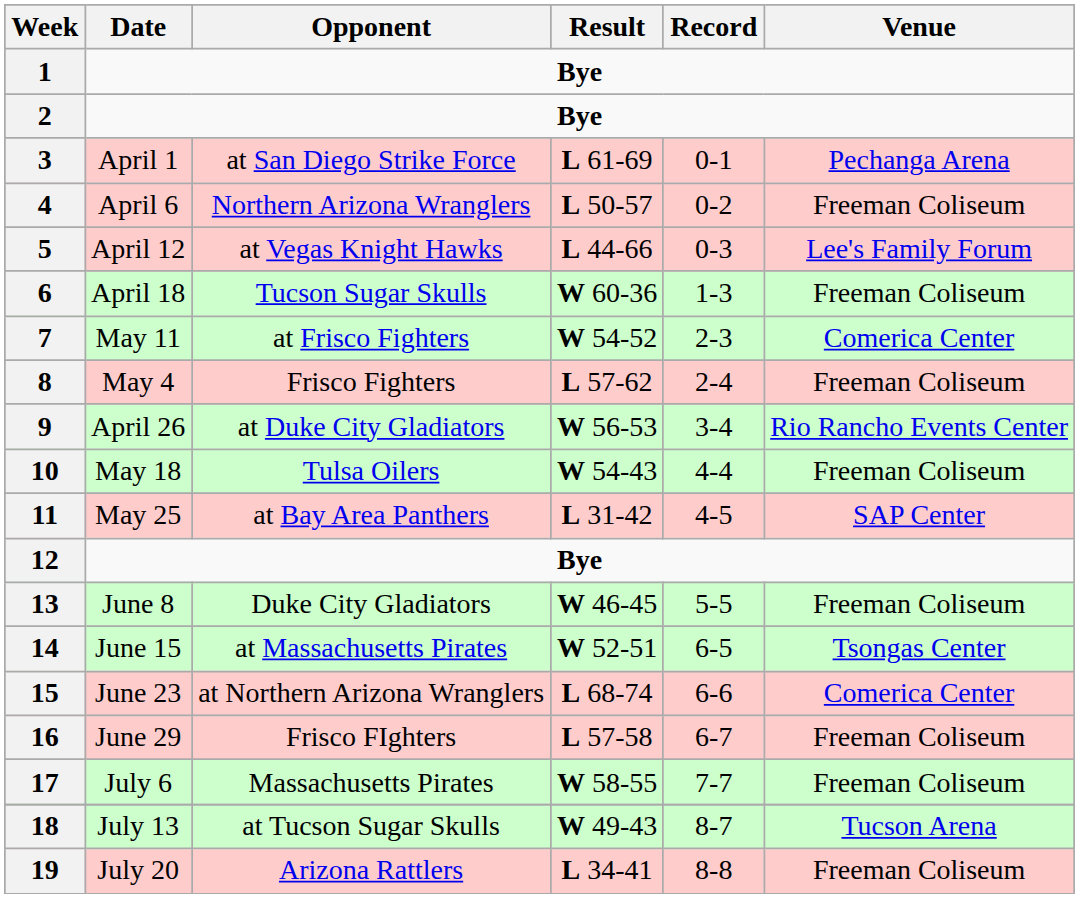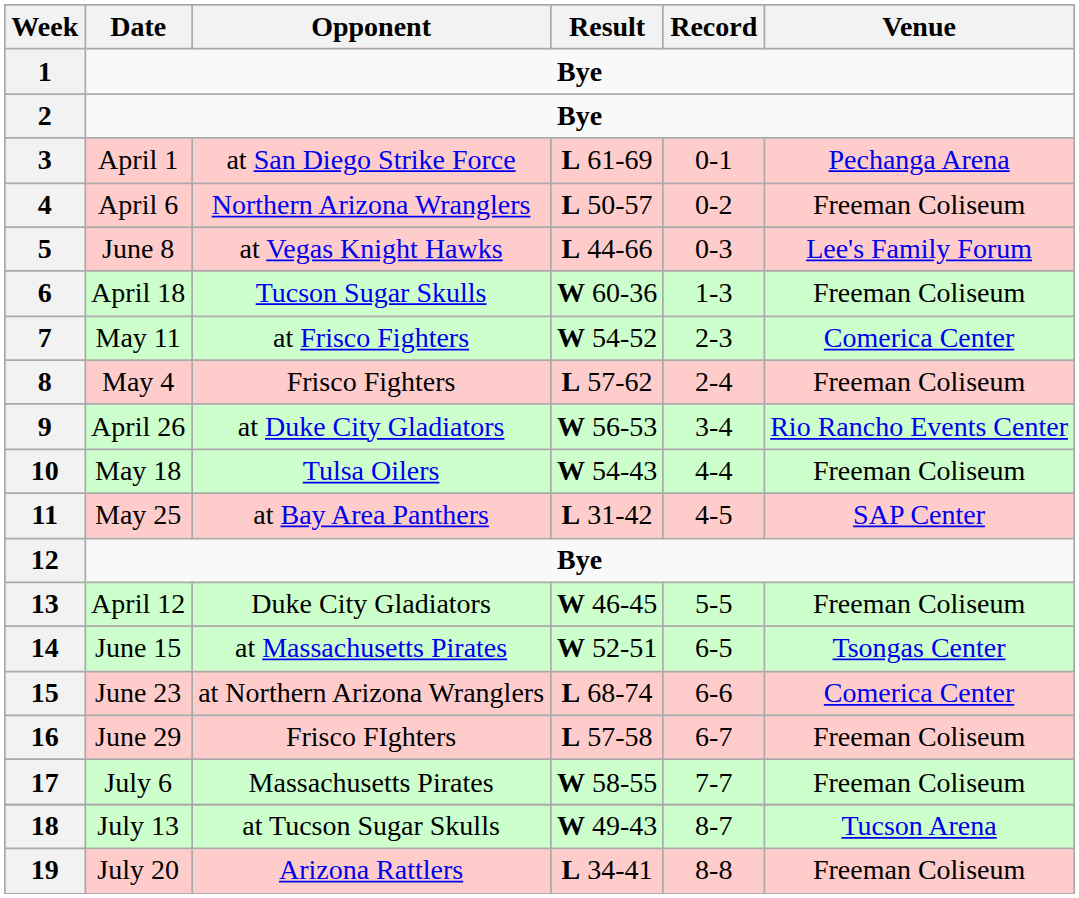 <table class="wikitable" style="text-align:center">
 <tr>
 <th>Week</th>
 <th>Date</th>
 <th>Opponent</th>
 <th>Result</th>
 <th>Record</th>
 <th>Venue</th>
 </tr>
 <tr>
 <th>1</th>
 <td colspan="5"><strong>Bye</strong></td>
 </tr>
 <tr>
 <th>2</th>
 <td colspan="5"><strong>Bye</strong></td>
 </tr>
 <tr style="background:#fcc">
 <th>3</th>
 <td>April 1</td>
 <td>at <a href='#'>San Diego Strike Force</a></td>
 <td><strong>L</strong> 61-69</td>
 <td>0-1</td>
 <td><a href='#'>Pechanga Arena</a></td>
 </tr>
 <tr style="background:#fcc">
 <th>4</th>
 <td>April 6</td>
 <td><a href='#'>Northern Arizona Wranglers</a></td>
 <td><strong>L</strong> 50-57</td>
 <td>0-2</td>
 <td>Freeman Coliseum</td>
 </tr>
 <tr style="background:#fcc">
 <th>5</th>
-<td>April 12</td>
+<td>June 8</td>
 <td>at <a href='#'>Vegas Knight Hawks</a></td>
 <td><strong>L</strong> 44-66</td>
 <td>0-3</td>
 <td><a href='#'>Lee's Family Forum</a></td>
 </tr>
 <tr style="background:#cfc">
 <th>6</th>
 <td>April 18</td>
 <td><a href='#'>Tucson Sugar Skulls</a></td>
 <td><strong>W</strong> 60-36</td>
 <td>1-3</td>
 <td>Freeman Coliseum</td>
 </tr>
 <tr style="background:#cfc">
 <th>7</th>
 <td>May 11</td>
 <td>at <a href='#'>Frisco Fighters</a></td>
 <td><strong>W</strong> 54-52</td>
 <td>2-3</td>
 <td><a href='#'>Comerica Center</a></td>
 </tr>
 <tr style= "background:#fcc">
 <th>8</th>
 <td>May 4</td>
 <td>Frisco Fighters</td>
 <td><strong>L</strong> 57-62</td>
 <td>2-4</td>
 <td>Freeman Coliseum</td>
 </tr>
 <tr style="background:#cfc">
 <th>9</th>
 <td>April 26</td>
 <td>at <a href='#'>Duke City Gladiators</a></td>
 <td><strong>W</strong> 56-53</td>
 <td>3-4</td>
 <td><a href='#'>Rio Rancho Events Center</a></td>
 </tr>
 <tr style="background:#cfc">
 <th>10</th>
 <td>May 18</td>
 <td><a href='#'>Tulsa Oilers</a></td>
 <td><strong>W</strong> 54-43</td>
 <td>4-4</td>
 <td>Freeman Coliseum</td>
 </tr>
 <tr style="background:#fcc">
 <th>11</th>
 <td>May 25</td>
 <td>at <a href='#'>Bay Area Panthers</a></td>
 <td><strong>L</strong> 31-42</td>
 <td>4-5</td>
 <td><a href='#'>SAP Center</a></td>
 </tr>
 <tr>
 <th>12</th>
 <td colspan="5"><strong>Bye</strong></td>
 </tr>
 <tr style="background:#cfc">
 <th>13</th>
-<td>June 8</td>
+<td>April 12</td>
 <td>Duke City Gladiators</td>
 <td><strong>W</strong> 46-45</td>
 <td>5-5</td>
 <td>Freeman Coliseum</td>
 </tr>
 <tr style="background:#cfc">
 <th>14</th>
 <td>June 15</td>
 <td>at <a href='#'>Massachusetts Pirates</a></td>
 <td><strong>W</strong> 52-51</td>
 <td>6-5</td>
 <td><a href='#'>Tsongas Center</a></td>
 </tr>
 <tr style="background:#fcc">
 <th>15</th>
 <td>June 23</td>
 <td>at Northern Arizona Wranglers</td>
 <td><strong>L</strong> 68-74</td>
 <td>6-6</td>
 <td><a href='#'>Comerica Center</a></td>
 </tr>
 <tr style="background:#fcc">
 <th>16</th>
 <td>June 29</td>
 <td>Frisco FIghters</td>
 <td><strong>L</strong> 57-58</td>
 <td>6-7</td>
 <td>Freeman Coliseum</td>
 </tr>
 <tr style="background:#cfc">
 <th>17</th>
 <td>July 6</td>
 <td>Massachusetts Pirates</td>
 <td><strong>W</strong> 58-55</td>
 <td>7-7</td>
 <td>Freeman Coliseum</td>
 </tr>
 <tr>
 </tr>
 <tr style="background:#cfc">
 <th>18</th>
 <td>July 13</td>
 <td>at Tucson Sugar Skulls</td>
 <td><strong>W</strong> 49-43</td>
 <td>8-7</td>
 <td><a href='#'>Tucson Arena</a></td>
 </tr>
 <tr style="background:#fcc">
 <th>19</th>
 <td>July 20</td>
 <td><a href='#'>Arizona Rattlers</a></td>
 <td><strong>L</strong> 34-41</td>
 <td>8-8</td>
 <td>Freeman Coliseum</td>
 </tr>
 <tr>
 </tr>
 </table>
